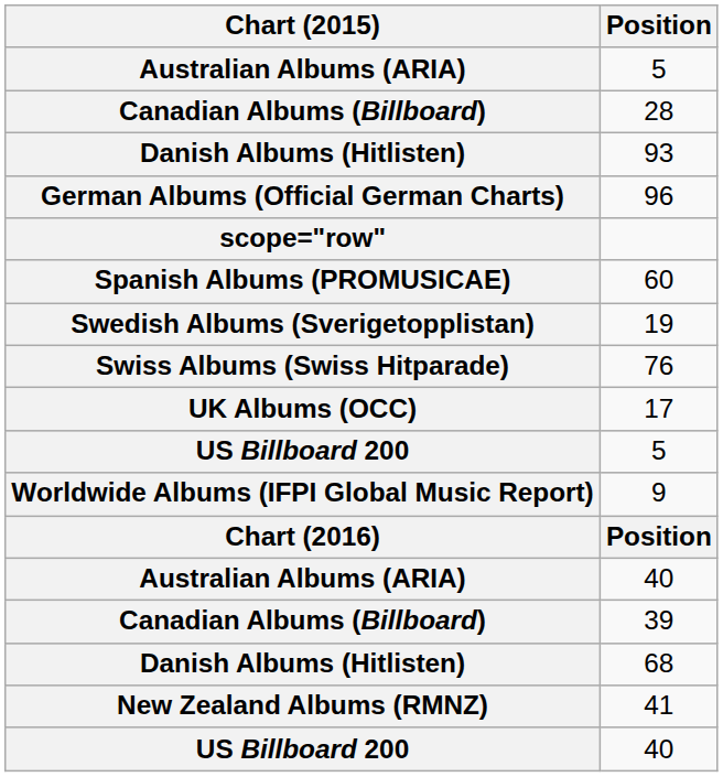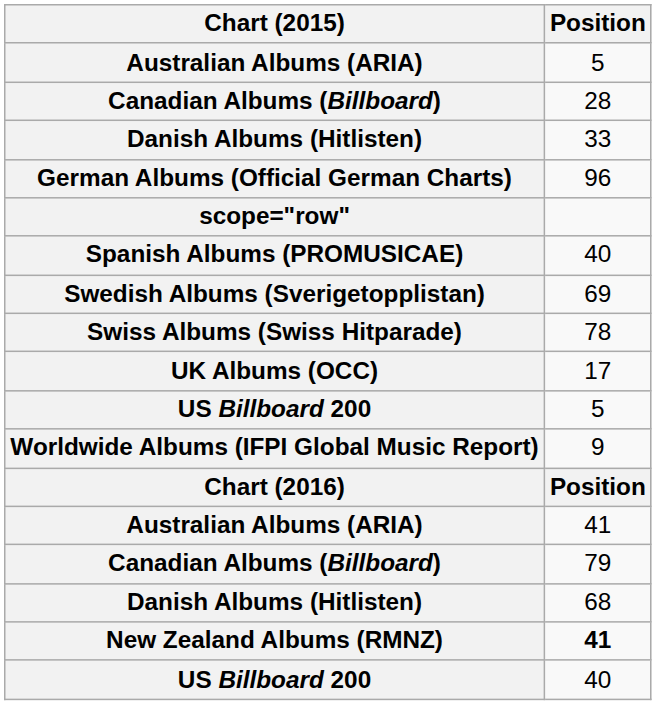 <table class="wikitable sortable plainrowheaders">
 <tr>
 <th>Chart (2015)</th>
 <th>Position</th>
 </tr>
 <tr>
 <th scope="row">Australian Albums (ARIA)</th>
 <td style="text-align:center;">5</td>
 </tr>
 <tr>
 <th scope="row">Canadian Albums (<em>Billboard</em>)</th>
 <td style="text-align:center;">28</td>
 </tr>
 <tr>
 <th scope="row">Danish Albums (Hitlisten)</th>
-<td style="text-align:center;">93</td>
+<td style="text-align:center;">33</td>
 </tr>
 <tr>
 <th scope="row">German Albums (Official German Charts)</th>
 <td style="text-align:center;">96</td>
 </tr>
 <tr>
 <th>scope="row"</th>
 </tr>
 <tr>
 <th scope="row">Spanish Albums (PROMUSICAE)</th>
-<td style="text-align:center;">60</td>
+<td style="text-align:center;">40</td>
 </tr>
 <tr>
 <th scope="row">Swedish Albums (Sverigetopplistan)</th>
-<td style="text-align:center;">19</td>
+<td style="text-align:center;">69</td>
 </tr>
 <tr>
 <th scope="row">Swiss Albums (Swiss Hitparade)</th>
-<td style="text-align:center;">76</td>
+<td style="text-align:center;">78</td>
 </tr>
 <tr>
 <th scope="row">UK Albums (OCC)</th>
 <td style="text-align:center;">17</td>
 </tr>
 <tr>
 <th scope="row">US <em>Billboard</em> 200</th>
 <td style="text-align:center;">5</td>
 </tr>
 <tr>
 <th scope="row">Worldwide Albums (IFPI Global Music Report)</th>
 <td style="text-align:center;">9</td>
 </tr>
 <tr>
 <th>Chart (2016)</th>
 <th>Position</th>
 </tr>
 <tr>
 <th scope="row">Australian Albums (ARIA)</th>
-<td style="text-align:center;">40</td>
+<td style="text-align:center;">41</td>
 </tr>
 <tr>
 <th scope="row">Canadian Albums (<em>Billboard</em>)</th>
-<td style="text-align:center;">39</td>
+<td style="text-align:center;">79</td>
 </tr>
 <tr>
 <th scope="row">Danish Albums (Hitlisten)</th>
 <td style="text-align:center;">68</td>
 </tr>
 <tr>
 <th scope="row">New Zealand Albums (RMNZ)</th>
-<td style="text-align:center;">41</td>
+<td style="text-align:center;"><strong>41</strong></td>
 </tr>
 <tr>
 <th scope="row">US <em>Billboard</em> 200</th>
 <td style="text-align:center;">40</td>
 </tr>
 </table>
